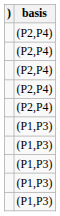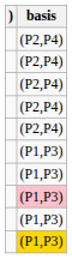 <table class="wikitable">
 <tr>
 <th>)</th>
 <th>basis</th>
 </tr>
 <tr>
 <td></td>
 <td>(P2,P4)</td>
 </tr>
 <tr>
 <td></td>
 <td>(P2,P4)</td>
 </tr>
 <tr>
 <td></td>
 <td>(P2,P4)</td>
 </tr>
 <tr>
 <td></td>
 <td>(P2,P4)</td>
 </tr>
 <tr>
 <td></td>
 <td>(P2,P4)</td>
 </tr>
 <tr>
 <td></td>
 <td>(P1,P3)</td>
 </tr>
 <tr>
 <td></td>
 <td>(P1,P3)</td>
 </tr>
 <tr>
 <td></td>
-<td>(P1,P3)</td>
+<td style="background: pink;">(P1,P3)</td>
 </tr>
 <tr>
 <td></td>
 <td>(P1,P3)</td>
 </tr>
 <tr>
 <td></td>
-<td>(P1,P3)</td>
+<td style="background: gold;">(P1,P3)</td>
 </tr>
 </table>
